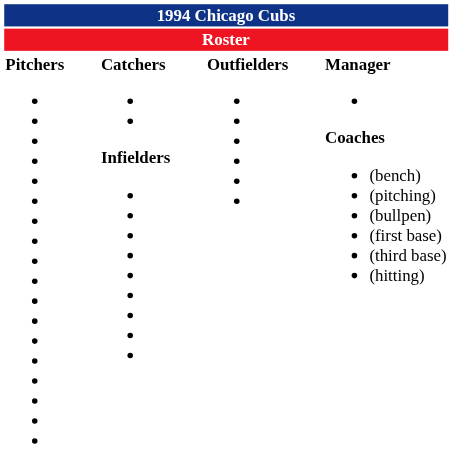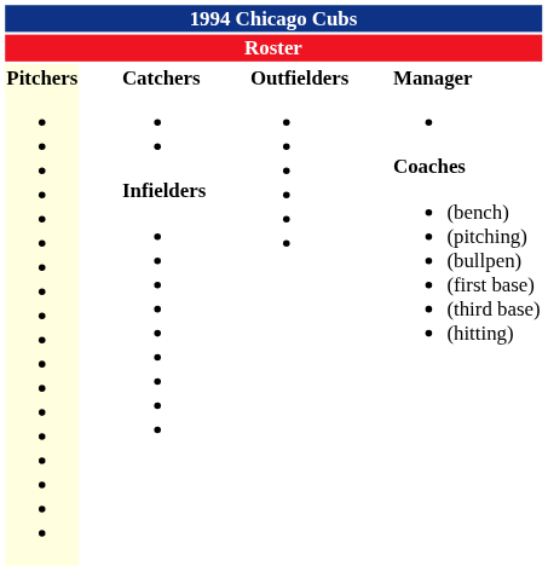 <table class="toccolours" style="font-size: 95%;">
 <tr>
 <th colspan="10" style="background-color: #0e3386; color: #FFFFFF; text-align: center;">1994 Chicago Cubs</th>
 </tr>
 <tr>
 <td colspan="10" style="background-color: #EE1422; color: #FFFFFF; text-align: center;"><strong>Roster</strong></td>
 </tr>
 <tr>
-<td valign="top"><strong>Pitchers</strong><br><ul><li></li><li></li><li></li><li></li><li></li><li></li><li></li><li></li><li></li><li></li><li></li><li></li><li></li><li></li><li></li><li></li><li></li><li></li></ul></td>
+<td valign="top" style="background: lightyellow;"><strong>Pitchers</strong><br><ul><li></li><li></li><li></li><li></li><li></li><li></li><li></li><li></li><li></li><li></li><li></li><li></li><li></li><li></li><li></li><li></li><li></li><li></li></ul></td>
 <td width="25px"></td>
 <td valign="top"><strong>Catchers</strong><br><ul><li></li><li></li></ul><strong>Infielders</strong><ul><li></li><li></li><li></li><li></li><li></li><li></li><li></li><li></li><li></li></ul></td>
 <td width="25px"></td>
 <td valign="top"><strong>Outfielders</strong><br><ul><li></li><li></li><li></li><li></li><li></li><li></li></ul></td>
 <td width="25px"></td>
 <td valign="top"><strong>Manager</strong><br><ul><li></li></ul><strong>Coaches</strong><ul><li> (bench)</li><li> (pitching)</li><li> (bullpen)</li><li> (first base)</li><li> (third base)</li><li> (hitting)</li></ul></td>
 </tr>
 <tr>
 </tr>
 </table>
